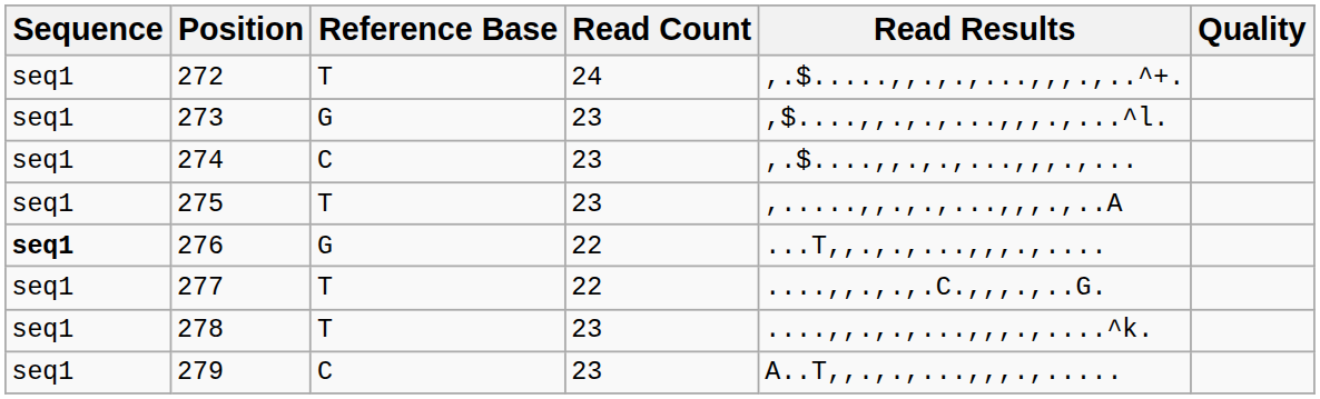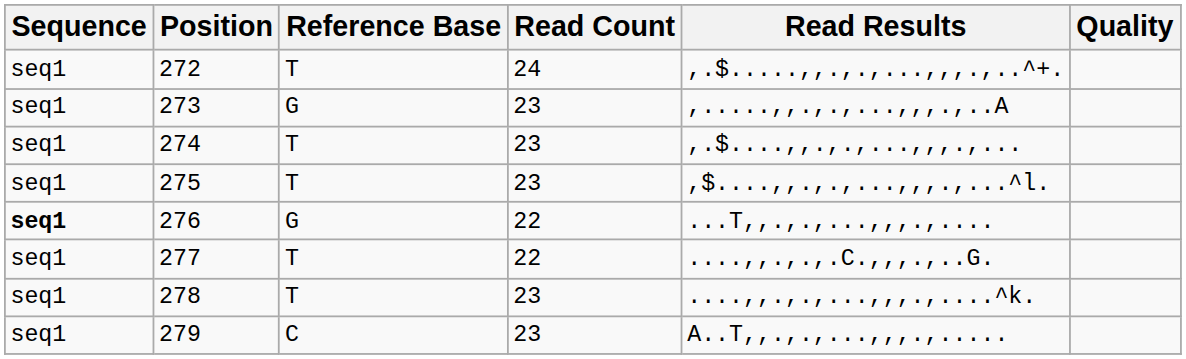 <table class="wikitable">
 <tr>
 <th>Sequence</th>
 <th>Position</th>
 <th>Reference Base</th>
 <th>Read Count</th>
 <th>Read Results</th>
 <th>Quality</th>
 </tr>
 <tr style="font-family: monospace;">
 <td>seq1</td>
 <td>272</td>
 <td>T</td>
 <td>24</td>
 <td>,.$.....,,.,.,...,,,.,..^+.</td>
 <td></td>
 </tr>
 <tr style="font-family: monospace;">
 <td>seq1</td>
 <td>273</td>
 <td>G</td>
 <td>23</td>
-<td>,$....,,.,.,...,,,.,...^l.</td>
+<td>,.....,,.,.,...,,,.,..A</td>
 <td></td>
 </tr>
 <tr style="font-family: monospace;">
 <td>seq1</td>
 <td>274</td>
-<td>C</td>
+<td>T</td>
 <td>23</td>
 <td>,.$....,,.,.,...,,,.,...</td>
 <td></td>
 </tr>
 <tr style="font-family: monospace;">
 <td>seq1</td>
 <td>275</td>
 <td>T</td>
 <td>23</td>
-<td>,.....,,.,.,...,,,.,..A</td>
+<td>,$....,,.,.,...,,,.,...^l.</td>
 <td></td>
 </tr>
 <tr style="font-family: monospace;">
 <td><strong>seq1</strong></td>
 <td>276</td>
 <td>G</td>
 <td>22</td>
 <td>...T,,.,.,...,,,.,....</td>
 <td></td>
 </tr>
 <tr style="font-family: monospace;">
 <td>seq1</td>
 <td>277</td>
 <td>T</td>
 <td>22</td>
 <td>....,,.,.,.C.,,,.,..G.</td>
 <td></td>
 </tr>
 <tr style="font-family: monospace;">
 <td>seq1</td>
 <td>278</td>
 <td>T</td>
 <td>23</td>
 <td>....,,.,.,...,,,.,....^k.</td>
 <td></td>
 </tr>
 <tr style="font-family: monospace;">
 <td>seq1</td>
 <td>279</td>
 <td>C</td>
 <td>23</td>
 <td>A..T,,.,.,...,,,.,.....</td>
 <td></td>
 </tr>
 </table>
